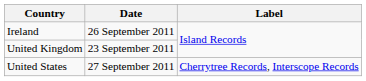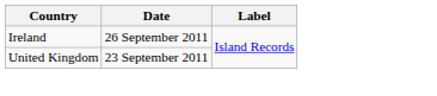 <table class="wikitable">
 <tr>
 <th>Country</th>
 <th>Date</th>
 <th>Label</th>
 </tr>
 <tr>
 <td>Ireland</td>
 <td>26 September 2011</td>
 <td rowspan="2"><a href='#'>Island Records</a></td>
 </tr>
 <tr>
 <td>United Kingdom</td>
 <td>23 September 2011</td>
 </tr>
-<tr>
-<td>United States</td>
-<td>27 September 2011</td>
-<td><a href='#'>Cherrytree Records</a>, <a href='#'>Interscope Records</a></td>
-</tr>
 </table>
